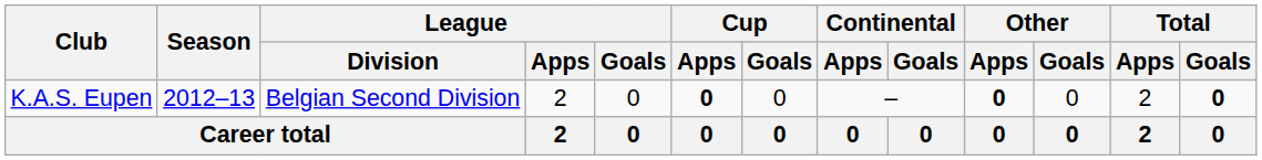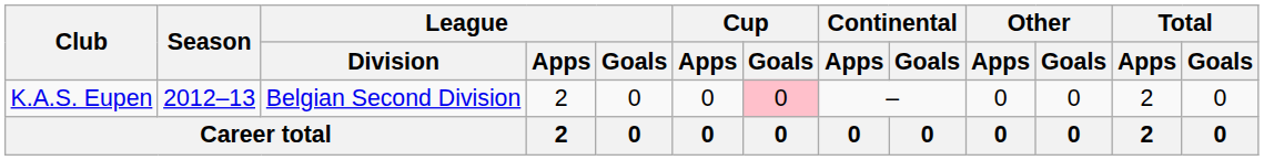 <table class="wikitable" style="text-align: center">
 <tr>
 <th rowspan="2">Club</th>
 <th rowspan="2">Season</th>
 <th colspan="3">League</th>
 <th colspan="2">Cup</th>
 <th colspan="2">Continental</th>
 <th colspan="2">Other</th>
 <th colspan="2">Total</th>
 </tr>
 <tr>
 <th>Division</th>
 <th>Apps</th>
 <th>Goals</th>
 <th>Apps</th>
 <th>Goals</th>
 <th>Apps</th>
 <th>Goals</th>
 <th>Apps</th>
 <th>Goals</th>
 <th>Apps</th>
 <th>Goals</th>
 </tr>
 <tr>
 <td><a href='#'>K.A.S. Eupen</a></td>
 <td><a href='#'>2012–13</a></td>
 <td><a href='#'>Belgian Second Division</a></td>
 <td>2</td>
 <td>0</td>
-<td><strong>0</strong></td>
 <td>0</td>
+<td style="background: pink;">0</td>
 <td colspan="2">–</td>
-<td><strong>0</strong></td>
+<td>0</td>
 <td>0</td>
 <td>2</td>
-<td><strong>0</strong></td>
+<td>0</td>
 </tr>
 <tr>
 <th colspan="3"><strong>Career total</strong></th>
 <th>2</th>
 <th>0</th>
 <th>0</th>
 <th>0</th>
 <th>0</th>
 <th>0</th>
 <th>0</th>
 <th>0</th>
 <th>2</th>
 <th>0</th>
 </tr>
 </table>
